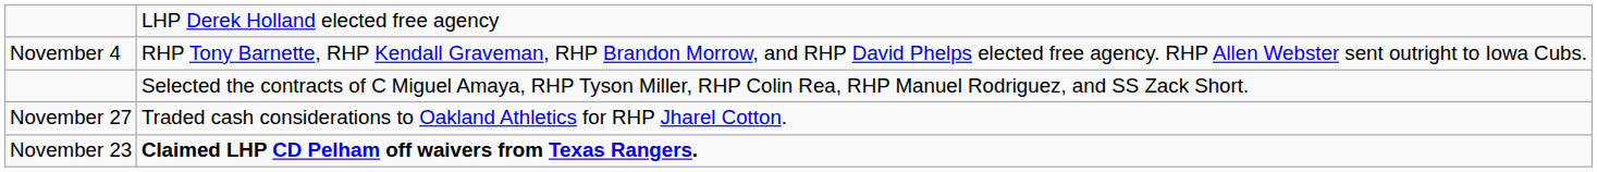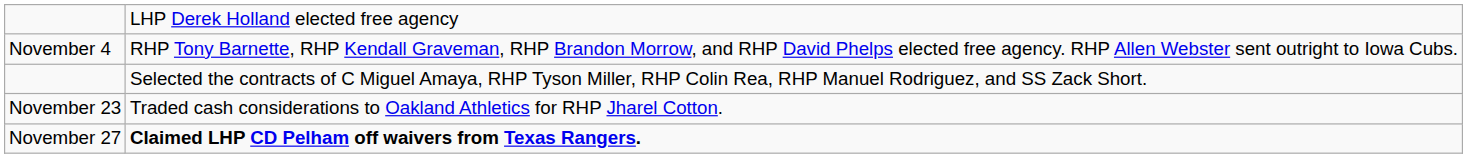 <table class="wikitable">
 <tr>
 <td></td>
 <td>LHP <a href='#'>Derek Holland</a> elected free agency</td>
 </tr>
 <tr>
 <td>November 4</td>
 <td>RHP <a href='#'>Tony Barnette</a>, RHP <a href='#'>Kendall Graveman</a>, RHP <a href='#'>Brandon Morrow</a>, and RHP <a href='#'>David Phelps</a> elected free agency. RHP <a href='#'>Allen Webster</a> sent outright to Iowa Cubs.</td>
 </tr>
 <tr>
 <td></td>
 <td>Selected the contracts of C Miguel Amaya, RHP Tyson Miller, RHP Colin Rea, RHP Manuel Rodriguez, and SS Zack Short.</td>
 </tr>
 <tr>
-<td>November 27</td>
+<td>November 23</td>
 <td>Traded cash considerations to <a href='#'>Oakland Athletics</a> for RHP <a href='#'>Jharel Cotton</a>.</td>
 </tr>
 <tr>
-<td>November 23</td>
+<td>November 27</td>
 <td><strong>Claimed LHP <a href='#'>CD Pelham</a> off waivers from <a href='#'>Texas Rangers</a>.</strong></td>
 </tr>
 </table>
